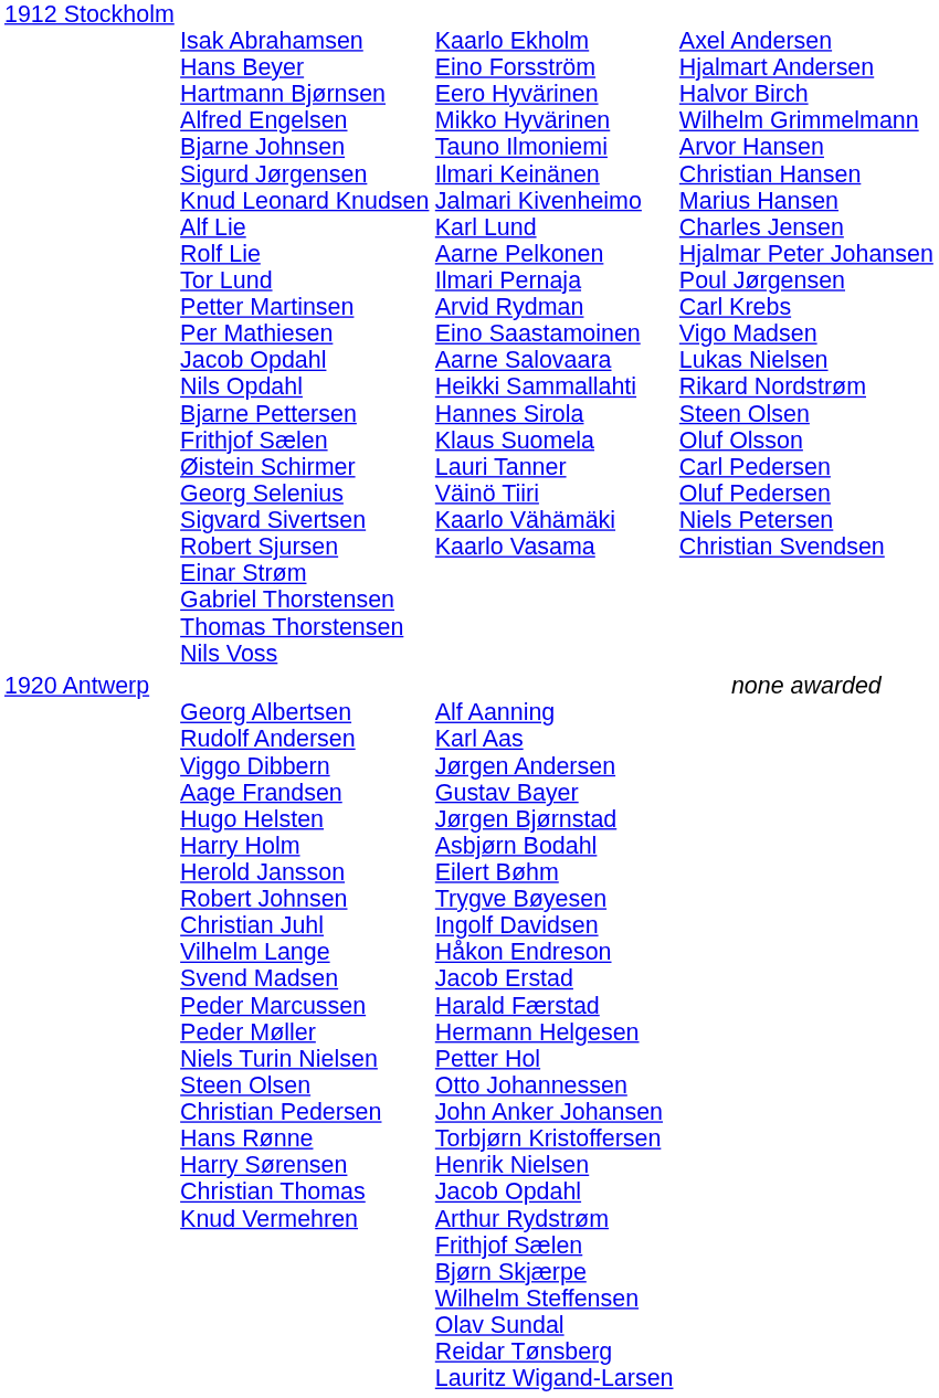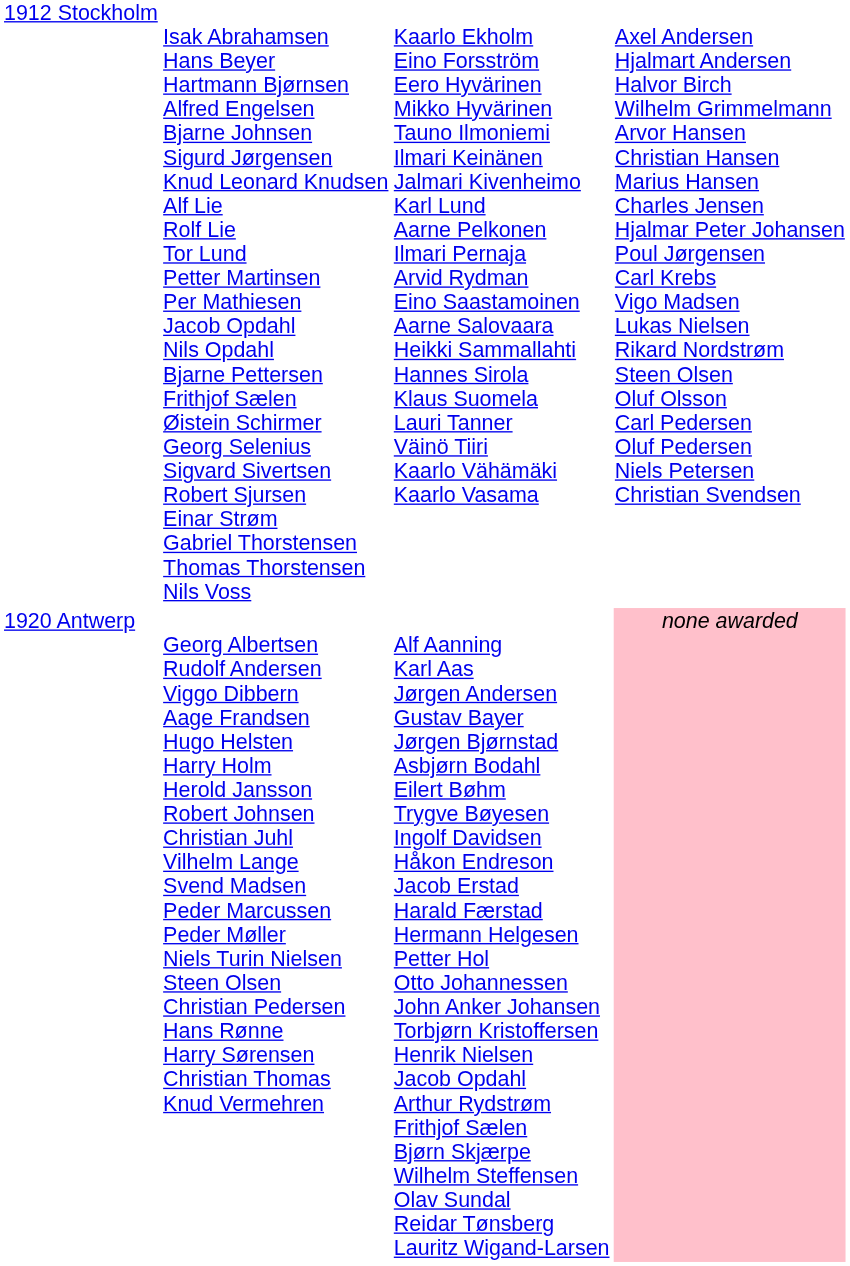 <table>
 <tr valign="top">
 <td><a href='#'>1912 Stockholm</a><br></td>
 <td valign=top><br><a href='#'>Isak Abrahamsen</a><br><a href='#'>Hans Beyer</a><br><a href='#'>Hartmann Bjørnsen</a><br><a href='#'>Alfred Engelsen</a><br><a href='#'>Bjarne Johnsen</a><br><a href='#'>Sigurd Jørgensen</a><br><a href='#'>Knud Leonard Knudsen</a><br><a href='#'>Alf Lie</a><br><a href='#'>Rolf Lie</a><br><a href='#'>Tor Lund</a><br><a href='#'>Petter Martinsen</a><br><a href='#'>Per Mathiesen</a><br><a href='#'>Jacob Opdahl</a><br><a href='#'>Nils Opdahl</a><br><a href='#'>Bjarne Pettersen</a><br><a href='#'>Frithjof Sælen</a><br><a href='#'>Øistein Schirmer</a><br><a href='#'>Georg Selenius</a><br><a href='#'>Sigvard Sivertsen</a><br><a href='#'>Robert Sjursen</a><br><a href='#'>Einar Strøm</a><br><a href='#'>Gabriel Thorstensen</a><br><a href='#'>Thomas Thorstensen</a><br><a href='#'>Nils Voss</a></td>
 <td valign=top><br><a href='#'>Kaarlo Ekholm</a><br><a href='#'>Eino Forsström</a><br><a href='#'>Eero Hyvärinen</a><br><a href='#'>Mikko Hyvärinen</a><br><a href='#'>Tauno Ilmoniemi</a><br><a href='#'>Ilmari Keinänen</a><br><a href='#'>Jalmari Kivenheimo</a><br><a href='#'>Karl Lund</a><br><a href='#'>Aarne Pelkonen</a><br><a href='#'>Ilmari Pernaja</a><br><a href='#'>Arvid Rydman</a><br><a href='#'>Eino Saastamoinen</a><br><a href='#'>Aarne Salovaara</a><br><a href='#'>Heikki Sammallahti</a><br><a href='#'>Hannes Sirola</a><br><a href='#'>Klaus Suomela</a><br><a href='#'>Lauri Tanner</a><br><a href='#'>Väinö Tiiri</a><br><a href='#'>Kaarlo Vähämäki</a><br><a href='#'>Kaarlo Vasama</a></td>
 <td valign=top><br><a href='#'>Axel Andersen</a><br><a href='#'>Hjalmart Andersen</a><br><a href='#'>Halvor Birch</a><br><a href='#'>Wilhelm Grimmelmann</a><br><a href='#'>Arvor Hansen</a><br><a href='#'>Christian Hansen</a><br><a href='#'>Marius Hansen</a><br><a href='#'>Charles Jensen</a><br><a href='#'>Hjalmar Peter Johansen</a><br><a href='#'>Poul Jørgensen</a><br><a href='#'>Carl Krebs</a><br><a href='#'>Vigo Madsen</a><br><a href='#'>Lukas Nielsen</a><br><a href='#'>Rikard Nordstrøm</a><br><a href='#'>Steen Olsen</a><br><a href='#'>Oluf Olsson</a><br><a href='#'>Carl Pedersen</a><br><a href='#'>Oluf Pedersen</a><br><a href='#'>Niels Petersen</a><br><a href='#'>Christian Svendsen</a></td>
 </tr>
 <tr valign="top">
 <td><a href='#'>1920 Antwerp</a><br></td>
 <td valign=top><br><a href='#'>Georg Albertsen</a><br><a href='#'>Rudolf Andersen</a><br><a href='#'>Viggo Dibbern</a><br><a href='#'>Aage Frandsen</a><br><a href='#'>Hugo Helsten</a><br><a href='#'>Harry Holm</a><br><a href='#'>Herold Jansson</a><br><a href='#'>Robert Johnsen</a><br><a href='#'>Christian Juhl</a><br><a href='#'>Vilhelm Lange</a><br><a href='#'>Svend Madsen</a><br><a href='#'>Peder Marcussen</a><br><a href='#'>Peder Møller</a><br><a href='#'>Niels Turin Nielsen</a><br><a href='#'>Steen Olsen</a><br><a href='#'>Christian Pedersen</a><br><a href='#'>Hans Rønne</a><br><a href='#'>Harry Sørensen</a><br><a href='#'>Christian Thomas</a><br><a href='#'>Knud Vermehren</a><br></td>
 <td valign=top><br><a href='#'>Alf Aanning</a><br><a href='#'>Karl Aas</a><br><a href='#'>Jørgen Andersen</a><br><a href='#'>Gustav Bayer</a><br><a href='#'>Jørgen Bjørnstad</a><br><a href='#'>Asbjørn Bodahl</a><br><a href='#'>Eilert Bøhm</a><br><a href='#'>Trygve Bøyesen</a><br><a href='#'>Ingolf Davidsen</a><br><a href='#'>Håkon Endreson</a><br><a href='#'>Jacob Erstad</a><br><a href='#'>Harald Færstad</a><br><a href='#'>Hermann Helgesen</a><br><a href='#'>Petter Hol</a><br><a href='#'>Otto Johannessen</a><br><a href='#'>John Anker Johansen</a><br><a href='#'>Torbjørn Kristoffersen</a><br><a href='#'>Henrik Nielsen</a><br><a href='#'>Jacob Opdahl</a><br><a href='#'>Arthur Rydstrøm</a><br><a href='#'>Frithjof Sælen</a><br><a href='#'>Bjørn Skjærpe</a><br><a href='#'>Wilhelm Steffensen</a><br><a href='#'>Olav Sundal</a><br><a href='#'>Reidar Tønsberg</a><br><a href='#'>Lauritz Wigand-Larsen</a></td>
-<td align="center"><em>none awarded</em></td>
+<td align="center" style="background: pink;"><em>none awarded</em></td>
 </tr>
 </table>
